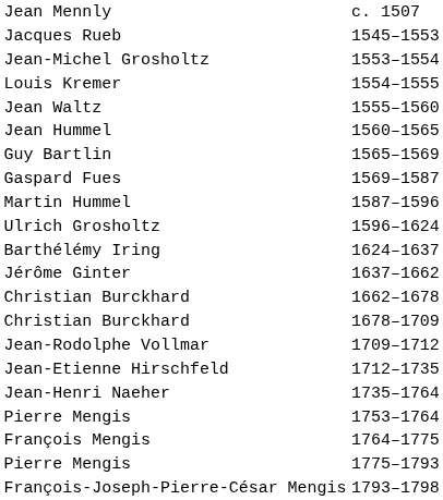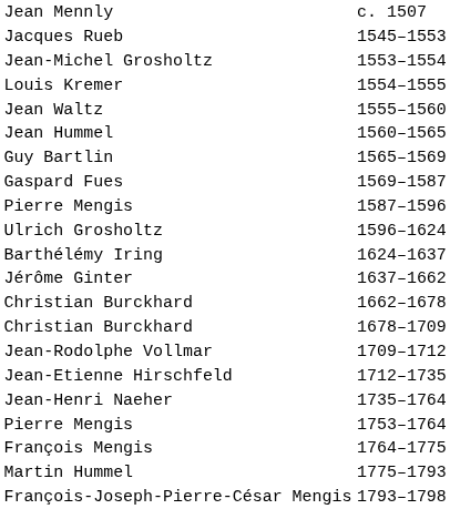 <table>
 <tr>
 <td>Jean Mennly</td>
 <td>c. 1507</td>
 </tr>
 <tr>
 <td>Jacques Rueb</td>
 <td>1545–1553</td>
 </tr>
 <tr>
 <td>Jean-Michel Grosholtz</td>
 <td>1553–1554</td>
 </tr>
 <tr>
 <td>Louis Kremer</td>
 <td>1554–1555</td>
 </tr>
 <tr>
 <td>Jean Waltz</td>
 <td>1555–1560</td>
 </tr>
 <tr>
 <td>Jean Hummel</td>
 <td>1560–1565</td>
 </tr>
 <tr>
 <td>Guy Bartlin</td>
 <td>1565–1569</td>
 </tr>
 <tr>
 <td>Gaspard Fues</td>
 <td>1569–1587</td>
 </tr>
 <tr>
-<td>Martin Hummel</td>
+<td>Pierre Mengis</td>
 <td>1587–1596</td>
 </tr>
 <tr>
 <td>Ulrich Grosholtz</td>
 <td>1596–1624</td>
 </tr>
 <tr>
 <td>Barthélémy Iring</td>
 <td>1624–1637</td>
 </tr>
 <tr>
 <td>Jérôme Ginter</td>
 <td>1637–1662</td>
 </tr>
 <tr>
 <td>Christian Burckhard</td>
 <td>1662–1678</td>
 </tr>
 <tr>
 <td>Christian Burckhard</td>
 <td>1678–1709</td>
 </tr>
 <tr>
 <td>Jean-Rodolphe Vollmar</td>
 <td>1709–1712</td>
 </tr>
 <tr>
 <td>Jean-Etienne Hirschfeld</td>
 <td>1712–1735</td>
 </tr>
 <tr>
 <td>Jean-Henri Naeher</td>
 <td>1735–1764</td>
 </tr>
 <tr>
 <td>Pierre Mengis</td>
 <td>1753–1764</td>
 </tr>
 <tr>
 <td>François Mengis</td>
 <td>1764–1775</td>
 </tr>
 <tr>
-<td>Pierre Mengis</td>
+<td>Martin Hummel</td>
 <td>1775–1793</td>
 </tr>
 <tr>
 <td>François-Joseph-Pierre-César Mengis</td>
 <td>1793–1798</td>
 </tr>
 </table>
